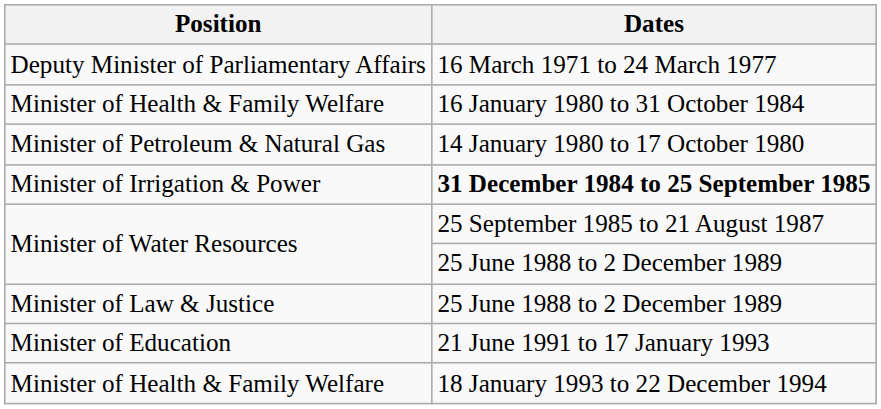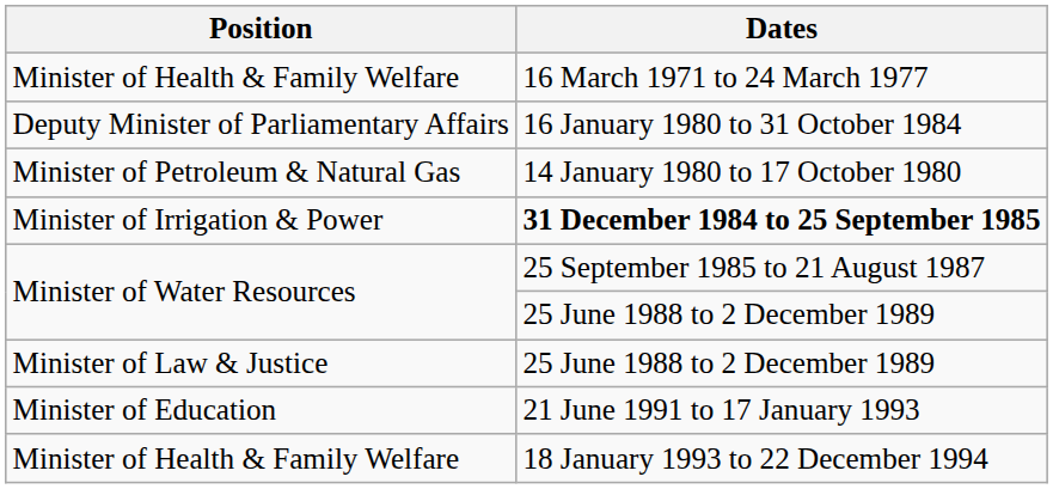 <table class="wikitable">
 <tr>
 <th>Position</th>
 <th>Dates</th>
 </tr>
 <tr>
-<td>Deputy Minister of Parliamentary Affairs</td>
+<td>Minister of Health & Family Welfare</td>
 <td>16 March 1971 to 24 March 1977</td>
 </tr>
 <tr>
-<td>Minister of Health & Family Welfare</td>
+<td>Deputy Minister of Parliamentary Affairs</td>
 <td>16 January 1980 to 31 October 1984</td>
 </tr>
 <tr>
 <td>Minister of Petroleum & Natural Gas</td>
 <td>14 January 1980 to 17 October 1980</td>
 </tr>
 <tr>
 <td>Minister of Irrigation & Power</td>
 <td><strong>31 December 1984 to 25 September 1985</strong></td>
 </tr>
 <tr>
 <td rowspan="2">Minister of Water Resources</td>
 <td>25 September 1985 to 21 August 1987</td>
 </tr>
 <tr>
 <td>25 June 1988 to 2 December 1989</td>
 </tr>
 <tr>
 <td>Minister of Law & Justice</td>
 <td>25 June 1988 to 2 December 1989</td>
 </tr>
 <tr>
 <td>Minister of Education</td>
 <td>21 June 1991 to 17 January 1993</td>
 </tr>
 <tr>
 <td>Minister of Health & Family Welfare</td>
 <td>18 January 1993 to 22 December 1994</td>
 </tr>
 </table>
